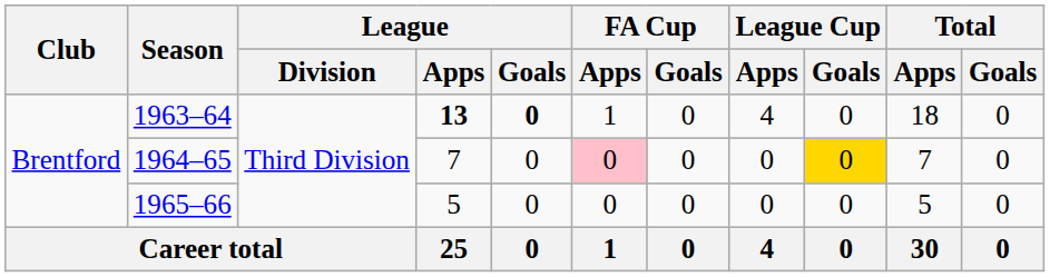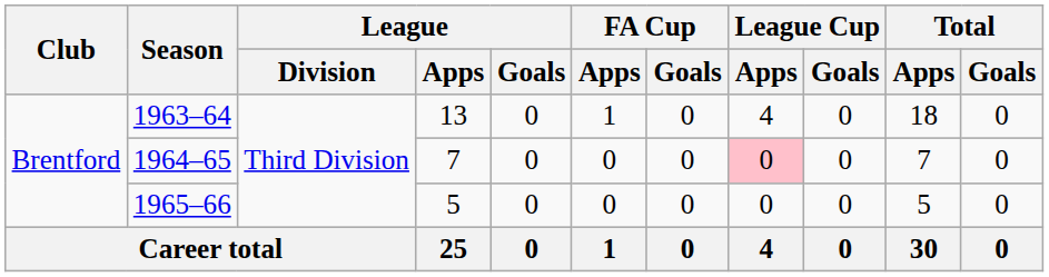 <table class="wikitable" style="text-align: center;">
 <tr>
 <th rowspan="2">Club</th>
 <th rowspan="2">Season</th>
 <th colspan="3">League</th>
 <th colspan="2">FA Cup</th>
 <th colspan="2">League Cup</th>
 <th colspan="2">Total</th>
 </tr>
 <tr>
 <th>Division</th>
 <th>Apps</th>
 <th>Goals</th>
 <th>Apps</th>
 <th>Goals</th>
 <th>Apps</th>
 <th>Goals</th>
 <th>Apps</th>
 <th>Goals</th>
 </tr>
 <tr>
 <td rowspan="3"><a href='#'>Brentford</a></td>
 <td><a href='#'>1963–64</a></td>
 <td rowspan="3"><a href='#'>Third Division</a></td>
-<td><strong>13</strong></td>
-<td><strong>0</strong></td>
+<td>13</td>
+<td>0</td>
 <td>1</td>
 <td>0</td>
 <td>4</td>
 <td>0</td>
 <td>18</td>
 <td>0</td>
 </tr>
 <tr>
 <td><a href='#'>1964–65</a></td>
 <td>7</td>
 <td>0</td>
+<td>0</td>
+<td>0</td>
 <td style="background: pink;">0</td>
 <td>0</td>
-<td>0</td>
-<td style="background: gold;">0</td>
 <td>7</td>
 <td>0</td>
 </tr>
 <tr>
 <td><a href='#'>1965–66</a></td>
 <td>5</td>
 <td>0</td>
 <td>0</td>
 <td>0</td>
 <td>0</td>
 <td>0</td>
 <td>5</td>
 <td>0</td>
 </tr>
 <tr>
 <th colspan="3">Career total</th>
 <th>25</th>
 <th>0</th>
 <th>1</th>
 <th>0</th>
 <th>4</th>
 <th>0</th>
 <th>30</th>
 <th>0</th>
 </tr>
 </table>
